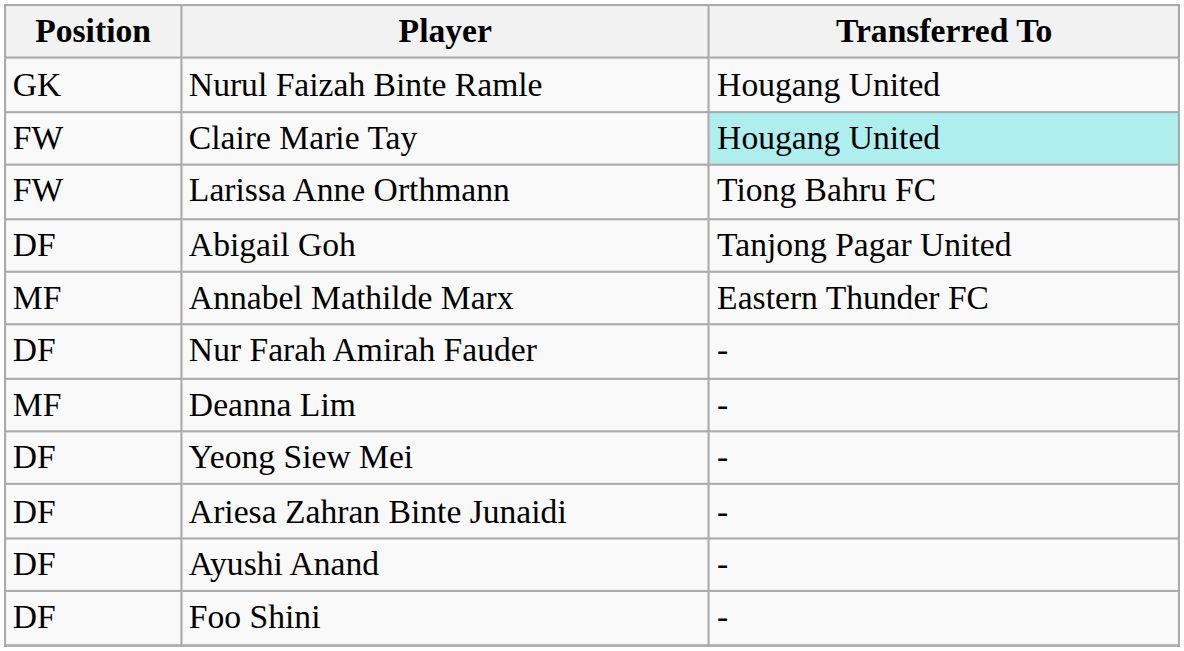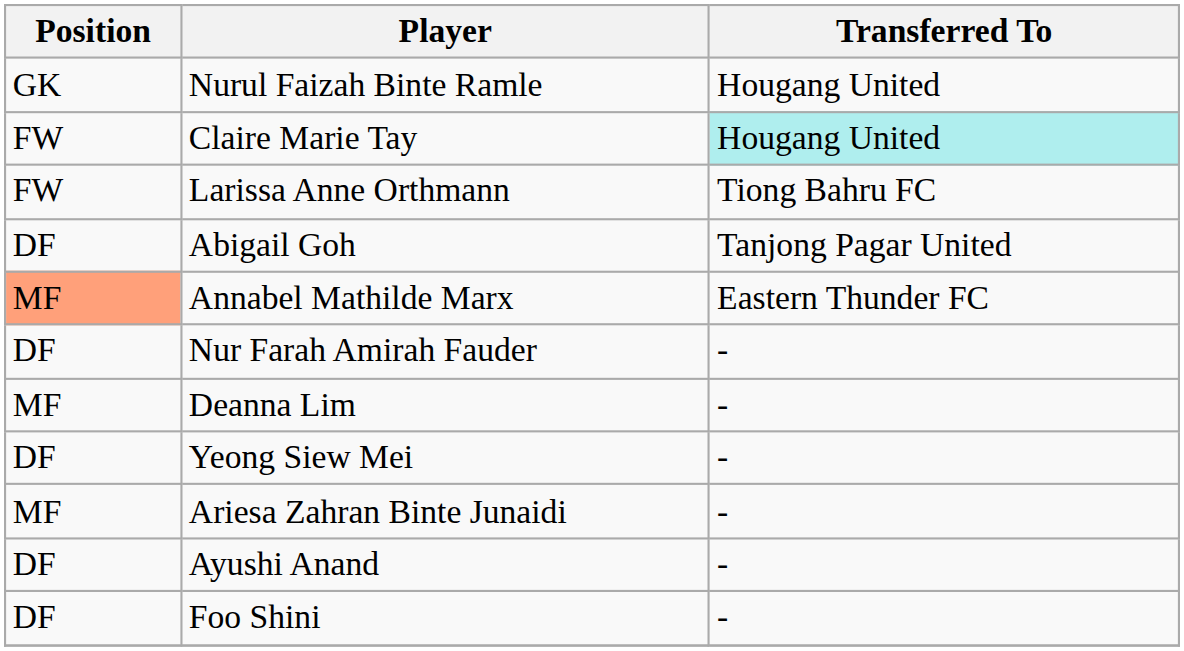 <table class="wikitable sortable" style="width:35em; text-align:center; font-size:100%; text-align:left;">
 <tr>
 <th style="width:15%;">Position</th>
 <th style="width:45%;">Player</th>
 <th style="width:40%;">Transferred To</th>
 </tr>
 <tr>
 <td>GK</td>
 <td> Nurul Faizah Binte Ramle</td>
 <td> Hougang United</td>
 </tr>
 <tr>
 <td>FW</td>
 <td> Claire Marie Tay</td>
 <td style="background: paleturquoise;"> Hougang United</td>
 </tr>
 <tr>
 <td>FW</td>
 <td> Larissa Anne Orthmann</td>
 <td> Tiong Bahru FC</td>
 </tr>
 <tr>
 <td>DF</td>
 <td> Abigail Goh</td>
 <td> Tanjong Pagar United</td>
 </tr>
 <tr>
-<td>MF</td>
+<td style="background: lightsalmon;">MF</td>
 <td> Annabel Mathilde Marx</td>
 <td> Eastern Thunder FC</td>
 </tr>
 <tr>
 <td>DF</td>
 <td> Nur Farah Amirah Fauder</td>
 <td>-</td>
 </tr>
 <tr>
 <td>MF</td>
 <td> Deanna Lim</td>
 <td>-</td>
 </tr>
 <tr>
 <td>DF</td>
 <td> Yeong Siew Mei</td>
 <td>-</td>
 </tr>
 <tr>
-<td>DF</td>
+<td>MF</td>
 <td> Ariesa Zahran Binte Junaidi</td>
 <td>-</td>
 </tr>
 <tr>
 <td>DF</td>
 <td> Ayushi Anand</td>
 <td>-</td>
 </tr>
 <tr>
 <td>DF</td>
 <td> Foo Shini</td>
 <td>-</td>
 </tr>
 <tr>
 </tr>
 </table>
